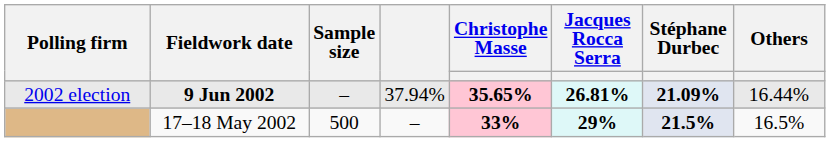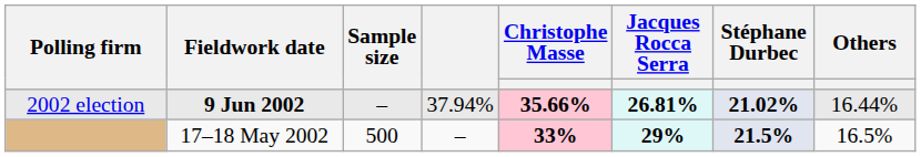 <table class="wikitable sortable" style="text-align:center;font-size:90%;line-height:14px;">
 <tr style="height:40px;">
 <th style="width:100px;" rowspan="2">Polling firm</th>
 <th style="width:110px;" rowspan="2">Fieldwork date</th>
 <th style="width:35px;" rowspan="2">Sample<br>size</th>
 <th style="width:30px;" rowspan="2"></th>
 <th class="unsortable" style="width:60px;"><a href='#'>Christophe Masse</a><br></th>
 <th class="unsortable" style="width:60px;"><a href='#'>Jacques Rocca Serra</a><br></th>
 <th class="unsortable" style="width:60px;">Stéphane Durbec<br></th>
 <th class="unsortable" style="width:60px;">Others</th>
 </tr>
 <tr>
 <th style="background:"></th>
 <th style="background:"></th>
 <th style="background:"></th>
 <th style="background:"></th>
 </tr>
 <tr style="background:#E9E9E9;">
 <td><a href='#'>2002 election</a></td>
 <td data-sort-value="2002-06-09"><strong>9 Jun 2002</strong></td>
 <td>–</td>
 <td>37.94%</td>
-<td style="background:#FFC6D5;"><strong>35.65%</strong></td>
+<td style="background:#FFC6D5;"><strong>35.66%</strong></td>
 <td style="background:#DEF8F8;"><strong>26.81%</strong></td>
-<td style="background:#E0E5F0;"><strong>21.09%</strong></td>
+<td style="background:#E0E5F0;"><strong>21.02%</strong></td>
 <td>16.44%</td>
 </tr>
 <tr>
 <td style="background:burlywood;"></td>
 <td data-sort-value="2002-05-18">17–18 May 2002</td>
 <td>500</td>
 <td>–</td>
 <td style="background:#FFC6D5;"><strong>33%</strong></td>
 <td style="background:#DEF8F8;"><strong>29%</strong></td>
 <td style="background:#E0E5F0;"><strong>21.5%</strong></td>
 <td>16.5%</td>
 </tr>
 </table>
